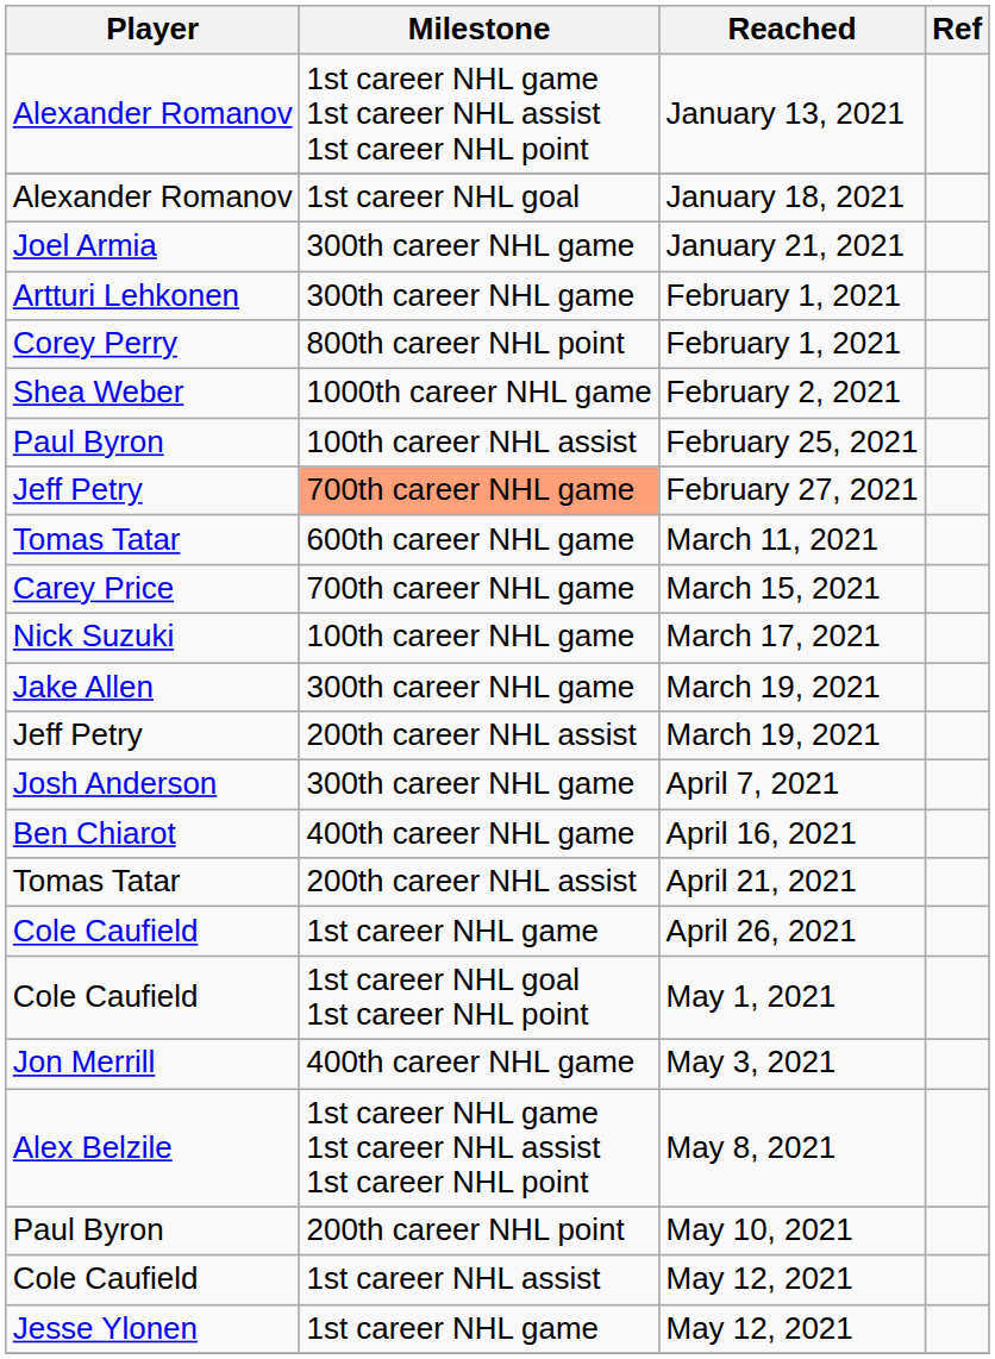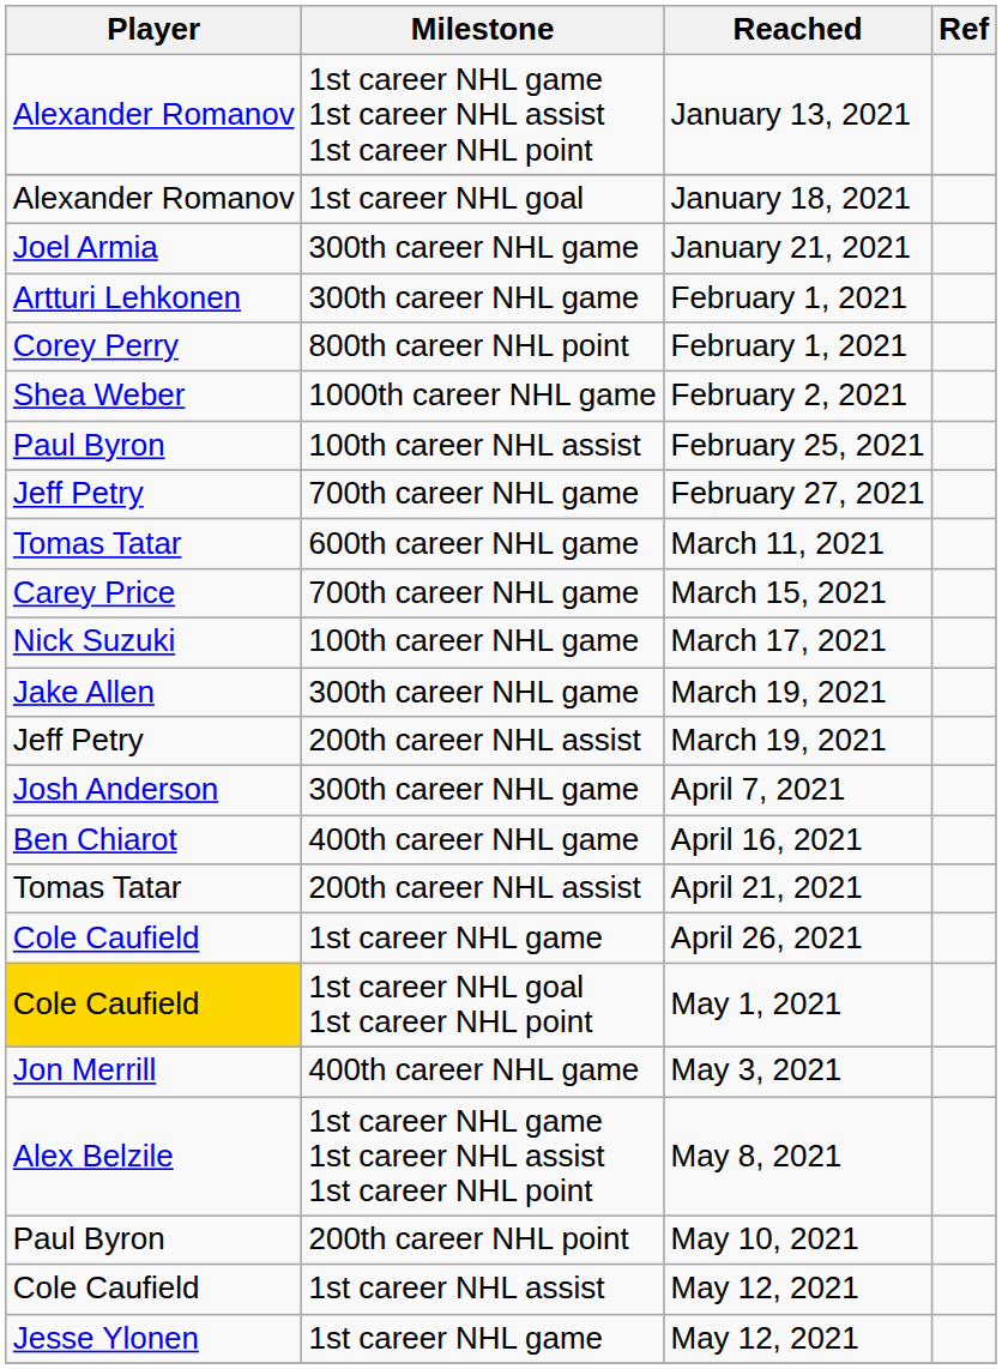 <table class="wikitable sortable">
 <tr align=center>
 <th>Player</th>
 <th>Milestone</th>
 <th data-sort-type="date">Reached</th>
 <th>Ref</th>
 </tr>
 <tr>
 <td><a href='#'>Alexander Romanov</a></td>
 <td>1st career NHL game<br>1st career NHL assist<br>1st career NHL point</td>
 <td>January 13, 2021</td>
 <td></td>
 </tr>
 <tr>
 </tr>
 <tr>
 <td>Alexander Romanov</td>
 <td>1st career NHL goal</td>
 <td>January 18, 2021</td>
 <td></td>
 </tr>
 <tr>
 <td><a href='#'>Joel Armia</a></td>
 <td>300th career NHL game</td>
 <td>January 21, 2021</td>
 <td></td>
 </tr>
 <tr>
 <td><a href='#'>Artturi Lehkonen</a></td>
 <td>300th career NHL game</td>
 <td>February 1, 2021</td>
 <td></td>
 </tr>
 <tr>
 <td><a href='#'>Corey Perry</a></td>
 <td>800th career NHL point</td>
 <td>February 1, 2021</td>
 <td></td>
 </tr>
 <tr>
 <td><a href='#'>Shea Weber</a></td>
 <td>1000th career NHL game</td>
 <td>February 2, 2021</td>
 <td></td>
 </tr>
 <tr>
 <td><a href='#'>Paul Byron</a></td>
 <td>100th career NHL assist</td>
 <td>February 25, 2021</td>
 <td></td>
 </tr>
 <tr>
 <td><a href='#'>Jeff Petry</a></td>
-<td style="background: lightsalmon;">700th career NHL game</td>
+<td>700th career NHL game</td>
 <td>February 27, 2021</td>
 <td></td>
 </tr>
 <tr>
 <td><a href='#'>Tomas Tatar</a></td>
 <td>600th career NHL game</td>
 <td>March 11, 2021</td>
 <td></td>
 </tr>
 <tr>
 <td><a href='#'>Carey Price</a></td>
 <td>700th career NHL game</td>
 <td>March 15, 2021</td>
 <td></td>
 </tr>
 <tr>
 <td><a href='#'>Nick Suzuki</a></td>
 <td>100th career NHL game</td>
 <td>March 17, 2021</td>
 <td></td>
 </tr>
 <tr>
 <td><a href='#'>Jake Allen</a></td>
 <td>300th career NHL game</td>
 <td>March 19, 2021</td>
 <td></td>
 </tr>
 <tr>
 <td>Jeff Petry</td>
 <td>200th career NHL assist</td>
 <td>March 19, 2021</td>
 <td></td>
 </tr>
 <tr>
 <td><a href='#'>Josh Anderson</a></td>
 <td>300th career NHL game</td>
 <td>April 7, 2021</td>
 <td></td>
 </tr>
 <tr>
 <td><a href='#'>Ben Chiarot</a></td>
 <td>400th career NHL game</td>
 <td>April 16, 2021</td>
 <td></td>
 </tr>
 <tr>
 <td>Tomas Tatar</td>
 <td>200th career NHL assist</td>
 <td>April 21, 2021</td>
 <td></td>
 </tr>
 <tr>
 <td><a href='#'>Cole Caufield</a></td>
 <td>1st career NHL game</td>
 <td>April 26, 2021</td>
 <td></td>
 </tr>
 <tr>
-<td>Cole Caufield</td>
+<td style="background: gold;">Cole Caufield</td>
 <td>1st career NHL goal<br>1st career NHL point</td>
 <td>May 1, 2021</td>
 <td></td>
 </tr>
 <tr>
 <td><a href='#'>Jon Merrill</a></td>
 <td>400th career NHL game</td>
 <td>May 3, 2021</td>
 <td></td>
 </tr>
 <tr>
 <td><a href='#'>Alex Belzile</a></td>
 <td>1st career NHL game<br>1st career NHL assist<br>1st career NHL point</td>
 <td>May 8, 2021</td>
 <td></td>
 </tr>
 <tr>
 <td>Paul Byron</td>
 <td>200th career NHL point</td>
 <td>May 10, 2021</td>
 <td></td>
 </tr>
 <tr>
 <td>Cole Caufield</td>
 <td>1st career NHL assist</td>
 <td>May 12, 2021</td>
 <td></td>
 </tr>
 <tr>
 <td><a href='#'>Jesse Ylonen</a></td>
 <td>1st career NHL game</td>
 <td>May 12, 2021</td>
 <td></td>
 </tr>
 <tr>
 </tr>
 </table>
